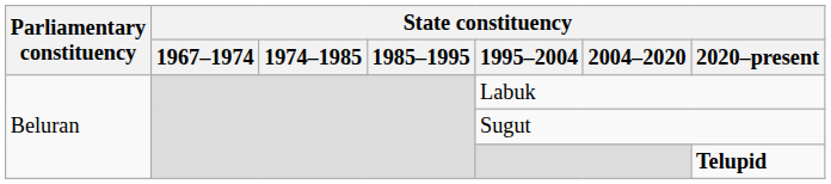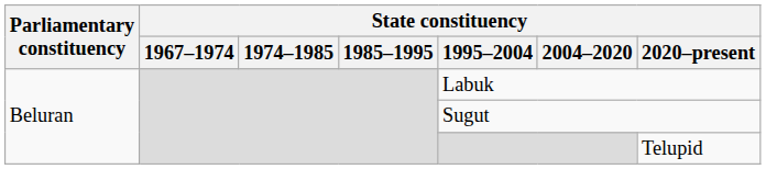 <table class=wikitable>
 <tr>
 <th rowspan=2>Parliamentary<br>constituency</th>
 <th colspan=6>State constituency</th>
 </tr>
 <tr>
 <th>1967–1974</th>
 <th>1974–1985</th>
 <th>1985–1995</th>
 <th>1995–2004</th>
 <th>2004–2020</th>
 <th>2020–present</th>
 </tr>
 <tr>
 <td rowspan=3>Beluran</td>
 <td rowspan=3 colspan=3 bgcolor=dcdcdc></td>
 <td colspan=3>Labuk</td>
 </tr>
 <tr>
 <td colspan=3>Sugut</td>
 </tr>
 <tr>
 <td bgcolor=dcdcdc colspan=2></td>
-<td><strong>Telupid</strong></td>
+<td>Telupid</td>
 </tr>
 </table>
